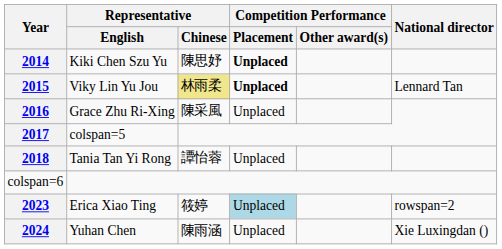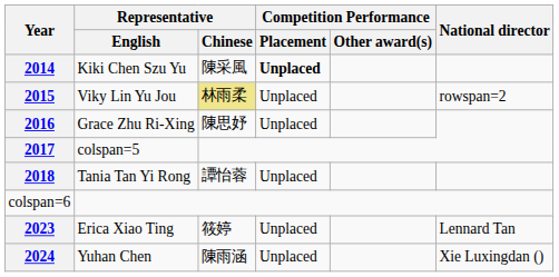 <table class="wikitable defaultcenter col2left col3left col7left" style="font-size:95%;">
 <tr>
 <th rowspan=2>Year</th>
 <th colspan=2>Representative</th>
 <th colspan=2>Competition Performance</th>
 <th rowspan=2>National director</th>
 </tr>
 <tr>
 <th>English</th>
 <th>Chinese</th>
 <th>Placement</th>
 <th>Other award(s)</th>
 </tr>
 <tr>
 <th><a href='#'>2014</a></th>
 <td>Kiki Chen Szu Yu</td>
-<td>陳思妤</td>
+<td>陳采風</td>
 <td><strong>Unplaced</strong></td>
 <td></td>
 <td></td>
 </tr>
 <tr>
 <th><a href='#'>2015</a></th>
 <td>Viky Lin Yu Jou</td>
 <td style="background: khaki;">林雨柔</td>
-<td><strong>Unplaced</strong></td>
+<td>Unplaced</td>
 <td></td>
-<td>Lennard Tan</td>
+<td>rowspan=2 </td>
 </tr>
 <tr>
 <th><a href='#'>2016</a></th>
 <td>Grace Zhu Ri-Xing</td>
-<td>陳采風</td>
+<td>陳思妤</td>
 <td>Unplaced</td>
 <td></td>
 </tr>
 <tr>
 <th><a href='#'>2017</a></th>
 <td>colspan=5 </td>
 </tr>
 <tr>
 <th><a href='#'>2018</a></th>
 <td>Tania Tan Yi Rong</td>
 <td>譚怡蓉</td>
 <td>Unplaced</td>
 <td></td>
 <td></td>
 </tr>
 <tr>
 <td>colspan=6 </td>
 </tr>
 <tr>
 <th><a href='#'>2023</a></th>
 <td>Erica Xiao Ting</td>
 <td>筱婷</td>
-<td style="background: lightblue;">Unplaced</td>
+<td>Unplaced</td>
 <td></td>
-<td>rowspan=2 </td>
+<td>Lennard Tan</td>
 </tr>
 <tr>
 <th><a href='#'>2024</a></th>
 <td>Yuhan Chen</td>
 <td>陳雨涵</td>
 <td>Unplaced</td>
 <td></td>
 <td>Xie Luxingdan ()</td>
 </tr>
 </table>
